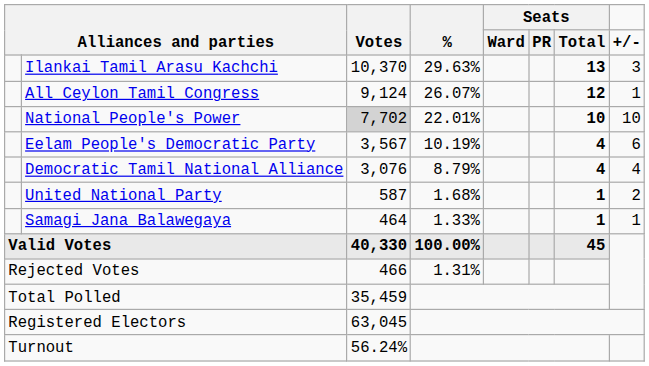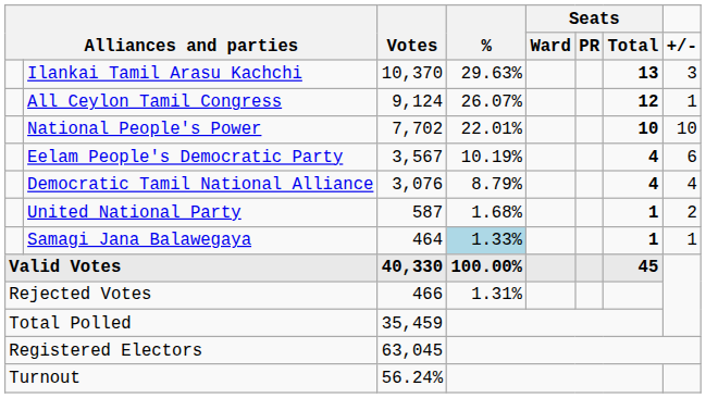 <table class="wikitable" border="1" style="text-align:right;">
 <tr>
 <th colspan="2" rowspan="2" align="left" valign="bottom">Alliances and parties</th>
 <th rowspan="2" align="center" valign="bottom">Votes</th>
 <th rowspan="2" align="center" valign="bottom">%</th>
 <th colspan="3" align="center" valign="bottom">Seats</th>
 </tr>
 <tr>
 <th>Ward</th>
 <th>PR</th>
 <th>Total</th>
 <td><strong>+/-</strong></td>
 </tr>
 <tr>
 <td style="background-color:"> </td>
 <td style="text-align:left;"><a href='#'>Ilankai Tamil Arasu Kachchi</a></td>
 <td>10,370</td>
 <td>29.63%</td>
 <td></td>
 <td></td>
 <td><strong>13</strong></td>
 <td> 3</td>
 </tr>
 <tr>
 <td style="background-color:"> </td>
 <td style="text-align:left;"><a href='#'>All Ceylon Tamil Congress</a></td>
 <td>9,124</td>
 <td>26.07%</td>
 <td></td>
 <td></td>
 <td><strong>12</strong></td>
 <td> 1</td>
 </tr>
 <tr>
 <td style="background-color:"> </td>
 <td style="text-align:left;"><a href='#'>National People's Power</a></td>
-<td style="background: lightgrey;">7,702</td>
+<td>7,702</td>
 <td>22.01%</td>
 <td></td>
 <td></td>
 <td><strong>10</strong></td>
 <td> 10</td>
 </tr>
 <tr>
 <td style="background-color:"> </td>
 <td style="text-align:left;"><a href='#'>Eelam People's Democratic Party</a></td>
 <td>3,567</td>
 <td>10.19%</td>
 <td></td>
 <td></td>
 <td><strong>4</strong></td>
 <td> 6</td>
 </tr>
 <tr>
 <td style="background-color:"> </td>
 <td style="text-align:left;"><a href='#'>Democratic Tamil National Alliance</a></td>
 <td>3,076</td>
 <td>8.79%</td>
 <td></td>
 <td></td>
 <td><strong>4</strong></td>
 <td> 4</td>
 </tr>
 <tr>
 <td style="background-color:"> </td>
 <td style="text-align:left;"><a href='#'>United National Party</a></td>
 <td>587</td>
 <td>1.68%</td>
 <td></td>
 <td></td>
 <td><strong>1</strong></td>
 <td> 2</td>
 </tr>
 <tr>
 <td style="background-color:"> </td>
 <td style="text-align:left;"><a href='#'>Samagi Jana Balawegaya</a></td>
 <td>464</td>
-<td>1.33%</td>
+<td style="background: lightblue;">1.33%</td>
 <td></td>
 <td></td>
 <td><strong>1</strong></td>
 <td> 1</td>
 </tr>
 <tr style="background-color:#E9E9E9; font-weight:bold">
 <td colspan="2" style="text-align:left;">Valid Votes</td>
 <td>40,330</td>
 <td>100.00%</td>
 <td></td>
 <td></td>
 <td>45</td>
 </tr>
 <tr>
 <td colspan="2" style="text-align:left;">Rejected Votes</td>
 <td>466</td>
 <td>1.31%</td>
 <td></td>
 <td></td>
 <td></td>
 </tr>
 <tr>
 <td colspan="2" style="text-align:left;">Total Polled</td>
 <td>35,459</td>
 <td colspan="4"></td>
 </tr>
 <tr>
 <td colspan="2" style="text-align:left;">Registered Electors</td>
 <td>63,045</td>
 <td colspan="42"></td>
 </tr>
 <tr>
 <td colspan="2" style="text-align:left;">Turnout</td>
 <td>56.24%</td>
 <td colspan="4"></td>
 </tr>
 </table>
